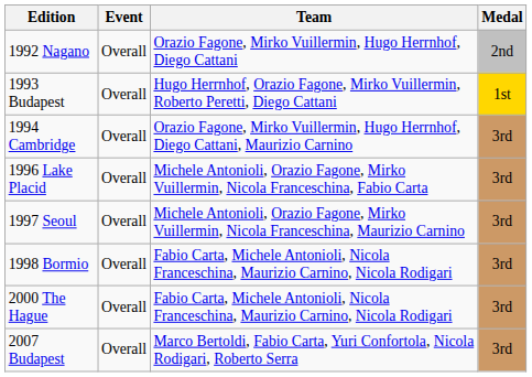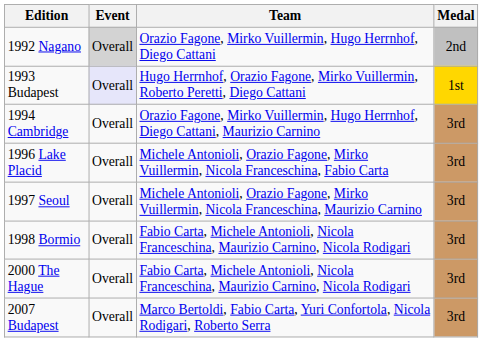 <table class="wikitable" width=80% style="font-size:90%; text-align:center;">
 <tr>
 <th>Edition</th>
 <th>Event</th>
 <th>Team</th>
 <th>Medal</th>
 </tr>
 <tr>
 <td align=left> 1992 <a href='#'>Nagano</a></td>
-<td>Overall</td>
+<td style="background: lightgrey;">Overall</td>
 <td align=left><a href='#'>Orazio Fagone</a>, <a href='#'>Mirko Vuillermin</a>, <a href='#'>Hugo Herrnhof</a>, <a href='#'>Diego Cattani</a></td>
 <td bgcolor=silver>2nd</td>
 </tr>
 <tr>
 <td align=left> 1993 Budapest</td>
-<td>Overall</td>
+<td style="background: lavender;">Overall</td>
 <td align=left><a href='#'>Hugo Herrnhof</a>, <a href='#'>Orazio Fagone</a>, <a href='#'>Mirko Vuillermin</a>, <a href='#'>Roberto Peretti</a>, <a href='#'>Diego Cattani</a></td>
 <td bgcolor=gold>1st</td>
 </tr>
 <tr>
 <td align=left> 1994 <a href='#'>Cambridge</a></td>
 <td>Overall</td>
 <td align=left><a href='#'>Orazio Fagone</a>, <a href='#'>Mirko Vuillermin</a>, <a href='#'>Hugo Herrnhof</a>, <a href='#'>Diego Cattani</a>, <a href='#'>Maurizio Carnino</a></td>
 <td bgcolor=cc9966>3rd</td>
 </tr>
 <tr>
 <td align=left> 1996 <a href='#'>Lake Placid</a></td>
 <td>Overall</td>
 <td align=left><a href='#'>Michele Antonioli</a>, <a href='#'>Orazio Fagone</a>, <a href='#'>Mirko Vuillermin</a>, <a href='#'>Nicola Franceschina</a>, <a href='#'>Fabio Carta</a></td>
 <td bgcolor=cc9966>3rd</td>
 </tr>
 <tr>
 <td align=left> 1997 <a href='#'>Seoul</a></td>
 <td>Overall</td>
 <td align=left><a href='#'>Michele Antonioli</a>, <a href='#'>Orazio Fagone</a>, <a href='#'>Mirko Vuillermin</a>, <a href='#'>Nicola Franceschina</a>, <a href='#'>Maurizio Carnino</a></td>
 <td bgcolor=cc9966>3rd</td>
 </tr>
 <tr>
 <td align=left> 1998 <a href='#'>Bormio</a></td>
 <td>Overall</td>
 <td align=left><a href='#'>Fabio Carta</a>, <a href='#'>Michele Antonioli</a>, <a href='#'>Nicola Franceschina</a>, <a href='#'>Maurizio Carnino</a>,  <a href='#'>Nicola Rodigari</a></td>
 <td bgcolor=cc9966>3rd</td>
 </tr>
 <tr>
 <td align=left> 2000 <a href='#'>The Hague</a></td>
 <td>Overall</td>
 <td align=left><a href='#'>Fabio Carta</a>, <a href='#'>Michele Antonioli</a>, <a href='#'>Nicola Franceschina</a>, <a href='#'>Maurizio Carnino</a>,  <a href='#'>Nicola Rodigari</a></td>
 <td bgcolor=cc9966>3rd</td>
 </tr>
 <tr>
 <td align=left> 2007 <a href='#'>Budapest</a></td>
 <td>Overall</td>
 <td align=left><a href='#'>Marco Bertoldi</a>, <a href='#'>Fabio Carta</a>, <a href='#'>Yuri Confortola</a>, <a href='#'>Nicola Rodigari</a>, <a href='#'>Roberto Serra</a></td>
 <td bgcolor=cc9966>3rd</td>
 </tr>
 </table>
